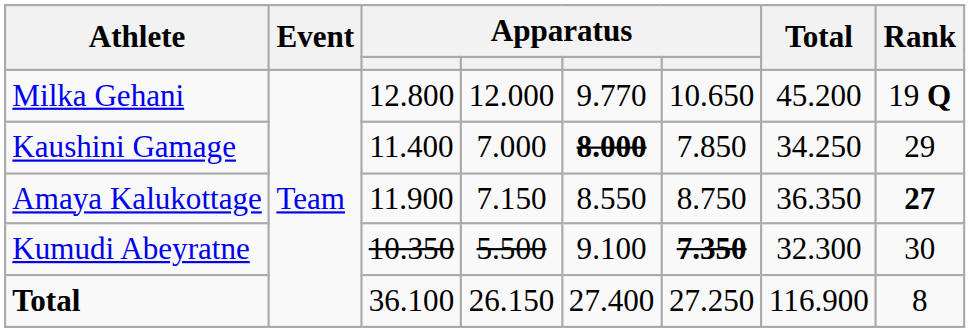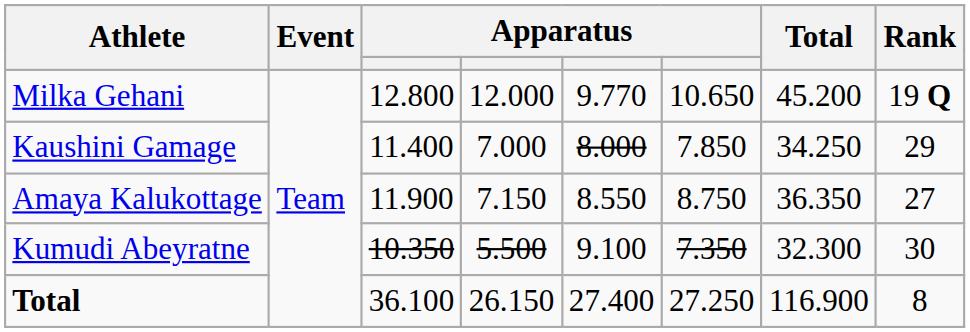 <table class=wikitable style=font-size:90%;text-align:center>
 <tr>
 <th rowspan=2>Athlete</th>
 <th rowspan=2>Event</th>
 <th colspan=4>Apparatus</th>
 <th rowspan=2>Total</th>
 <th rowspan=2>Rank</th>
 </tr>
 <tr style=font-size:95%>
 <th></th>
 <th></th>
 <th></th>
 <th></th>
 </tr>
 <tr>
 <td align=left><a href='#'>Milka Gehani</a></td>
 <td align=left rowspan=5><a href='#'>Team</a></td>
 <td>12.800</td>
 <td>12.000</td>
 <td>9.770</td>
 <td>10.650</td>
 <td>45.200</td>
 <td>19 <strong>Q</strong></td>
 </tr>
 <tr>
 <td align=left><a href='#'>Kaushini Gamage</a></td>
 <td>11.400</td>
 <td>7.000</td>
-<td><strong><s>8.000</s></strong></td>
+<td><s>8.000</s></td>
 <td>7.850</td>
 <td>34.250</td>
 <td>29</td>
 </tr>
 <tr>
 <td align=left><a href='#'>Amaya Kalukottage</a></td>
 <td>11.900</td>
 <td>7.150</td>
 <td>8.550</td>
 <td>8.750</td>
 <td>36.350</td>
-<td><strong>27</strong></td>
+<td>27</td>
 </tr>
 <tr>
 <td align=left><a href='#'>Kumudi Abeyratne</a></td>
 <td><s>10.350</s></td>
 <td><s>5.500</s></td>
 <td>9.100</td>
-<td><strong><s>7.350</s></strong></td>
+<td><s>7.350</s></td>
 <td>32.300</td>
 <td>30</td>
 </tr>
 <tr>
 <td align=left><strong>Total</strong></td>
 <td>36.100</td>
 <td>26.150</td>
 <td>27.400</td>
 <td>27.250</td>
 <td>116.900</td>
 <td>8</td>
 </tr>
 </table>
